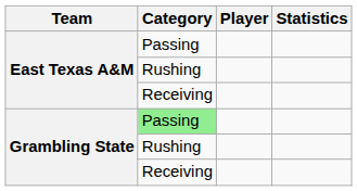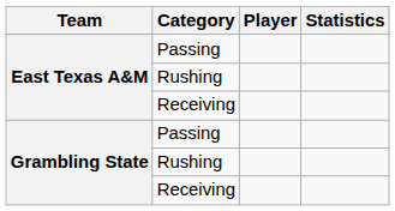 <table class="wikitable" style="float:right">
 <tr>
 <th>Team</th>
 <th>Category</th>
 <th>Player</th>
 <th>Statistics</th>
 </tr>
 <tr>
 <th rowspan=3>East Texas A&M</th>
 <td>Passing</td>
 <td></td>
 <td></td>
 </tr>
 <tr>
 <td>Rushing</td>
 <td></td>
 <td></td>
 </tr>
 <tr>
 <td>Receiving</td>
 <td></td>
 <td></td>
 </tr>
 <tr>
 <th rowspan=3>Grambling State</th>
-<td style="background: lightgreen;">Passing</td>
+<td>Passing</td>
 <td></td>
 <td></td>
 </tr>
 <tr>
 <td>Rushing</td>
 <td></td>
 <td></td>
 </tr>
 <tr>
 <td>Receiving</td>
 <td></td>
 <td></td>
 </tr>
 </table>
